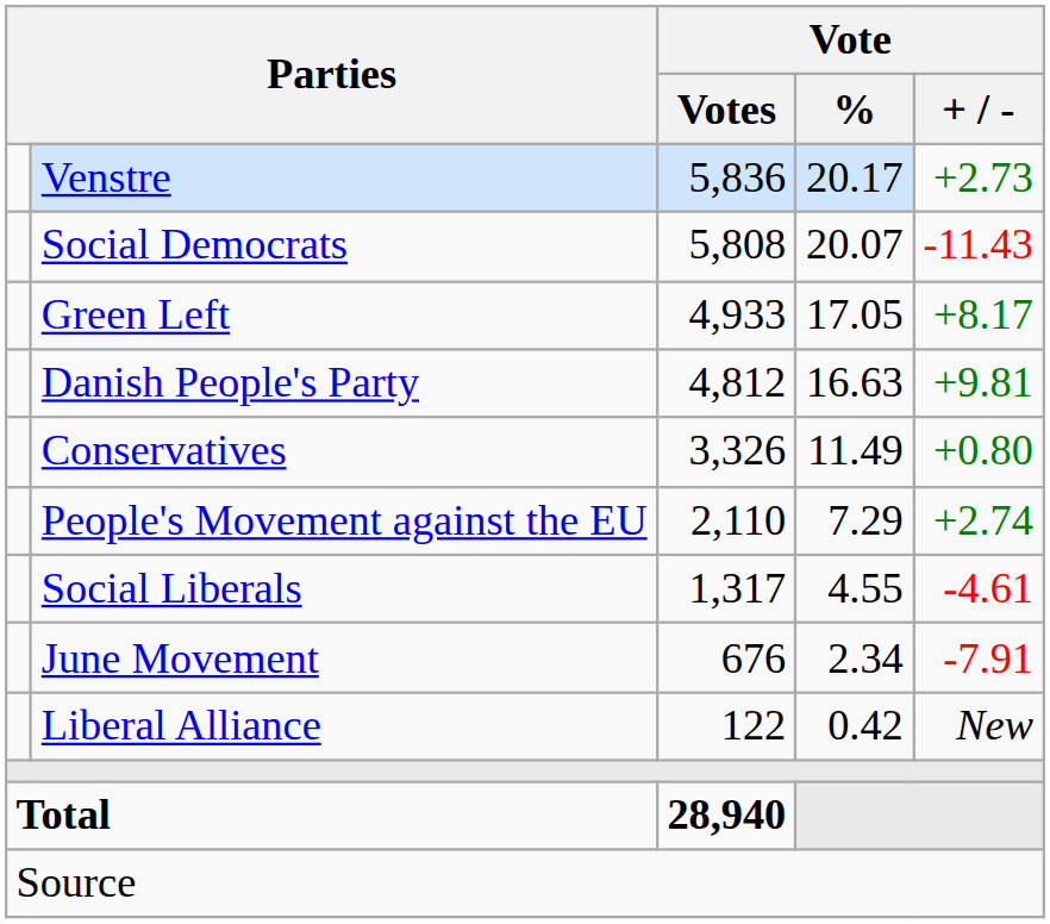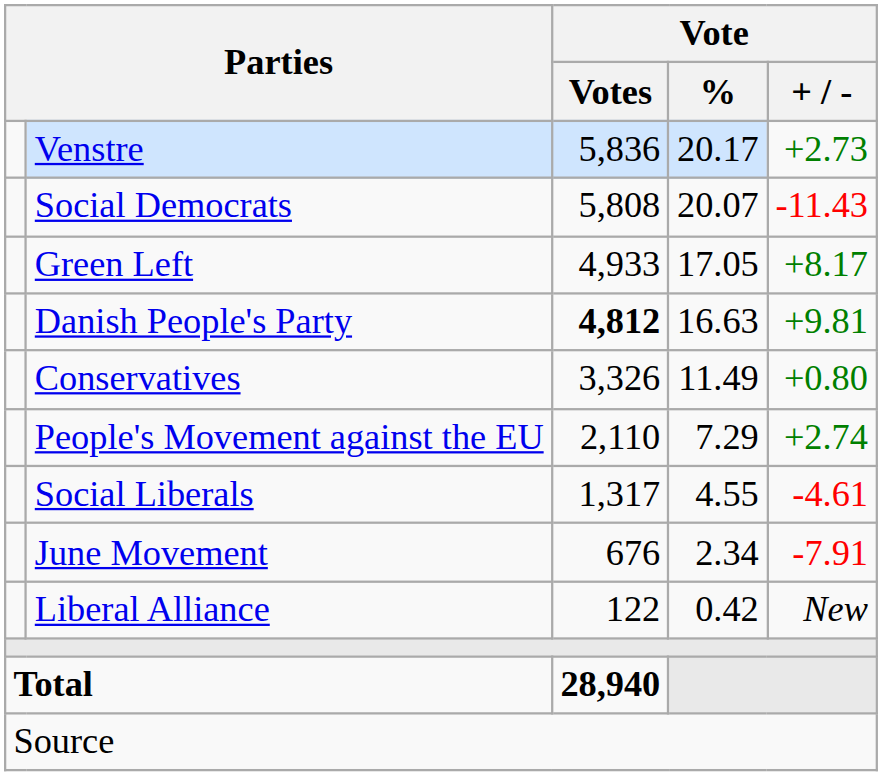 <table class="wikitable" style="text-align:right;">
 <tr>
 <th style="text-align:centre;" rowspan="2" colspan="2" width="225">Parties</th>
 <th colspan="3">Vote</th>
 </tr>
 <tr>
 <th width="15">Votes</th>
 <th width="15">%</th>
 <th width="15">+ / -</th>
 </tr>
 <tr>
 <td width="2" style="color:inherit;background:"></td>
 <td bgcolor=#cfe5fe   align="left"><a href='#'>Venstre</a></td>
 <td bgcolor=#cfe5fe>5,836</td>
 <td bgcolor=#cfe5fe>20.17</td>
 <td style=color:green;>+2.73</td>
 </tr>
 <tr>
 <td width="2" style="color:inherit;background:"></td>
 <td align="left"><a href='#'>Social Democrats</a></td>
 <td>5,808</td>
 <td>20.07</td>
 <td style=color:red;>-11.43</td>
 </tr>
 <tr>
 <td width="2" style="color:inherit;background:"></td>
 <td align="left"><a href='#'>Green Left</a></td>
 <td>4,933</td>
 <td>17.05</td>
 <td style=color:green;>+8.17</td>
 </tr>
 <tr>
 <td width="2" style="color:inherit;background:"></td>
 <td align="left"><a href='#'>Danish People's Party</a></td>
-<td>4,812</td>
+<td><strong>4,812</strong></td>
 <td>16.63</td>
 <td style=color:green;>+9.81</td>
 </tr>
 <tr>
 <td width="2" style="color:inherit;background:"></td>
 <td align="left"><a href='#'>Conservatives</a></td>
 <td>3,326</td>
 <td>11.49</td>
 <td style=color:green;>+0.80</td>
 </tr>
 <tr>
 <td width="2" style="color:inherit;background:"></td>
 <td align="left"><a href='#'>People's Movement against the EU</a></td>
 <td>2,110</td>
 <td>7.29</td>
 <td style=color:green;>+2.74</td>
 </tr>
 <tr>
 <td width="2" style="color:inherit;background:"></td>
 <td align="left"><a href='#'>Social Liberals</a></td>
 <td>1,317</td>
 <td>4.55</td>
 <td style=color:red;>-4.61</td>
 </tr>
 <tr>
 <td width="2" style="color:inherit;background:"></td>
 <td align="left"><a href='#'>June Movement</a></td>
 <td>676</td>
 <td>2.34</td>
 <td style=color:red;>-7.91</td>
 </tr>
 <tr>
 <td width="2" style="color:inherit;background:"></td>
 <td align="left"><a href='#'>Liberal Alliance</a></td>
 <td>122</td>
 <td>0.42</td>
 <td><em>New</em></td>
 </tr>
 <tr>
 <td colspan="7" bgcolor="#E9E9E9"></td>
 </tr>
 <tr>
 <td align="left" colspan="2"><strong>Total</strong></td>
 <td><strong>28,940</strong></td>
 <td bgcolor="#E9E9E9" colspan="2"></td>
 </tr>
 <tr>
 <td align="left" colspan="6">Source</td>
 </tr>
 </table>
